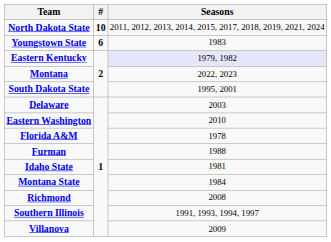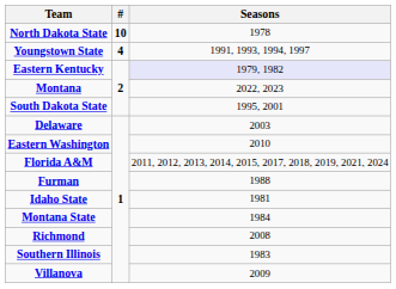 <table class="wikitable" style="text-align:center;">
 <tr>
 <th width=px>Team</th>
 <th width=px>#</th>
 <th width=px>Seasons</th>
 </tr>
 <tr>
 <td><strong><a href='#'>North Dakota State</a></strong></td>
 <td><strong>10</strong></td>
-<td style="font-size:90%;">2011, 2012, 2013, 2014, 2015, 2017, 2018, 2019, 2021, 2024</td>
+<td style="font-size:90%;">1978</td>
 </tr>
 <tr>
 <td><strong><a href='#'>Youngstown State</a></strong></td>
-<td><strong>6</strong></td>
-<td style="font-size:90%;">1983</td>
+<td><strong>4</strong></td>
+<td style="font-size:90%;">1991, 1993, 1994, 1997</td>
 </tr>
 <tr>
 <td><strong><a href='#'>Eastern Kentucky</a></strong></td>
 <td rowspan=3><strong>2</strong></td>
 <td style="background: lavender; font-size:90%;">1979, 1982</td>
 </tr>
 <tr>
 <td><strong><a href='#'>Montana</a></strong></td>
 <td style="font-size:90%;">2022, 2023</td>
 </tr>
 <tr>
 <td><strong><a href='#'>South Dakota State</a></strong></td>
 <td style="font-size:90%;">1995, 2001</td>
 </tr>
 <tr>
 <td><strong><a href='#'>Delaware</a></strong></td>
 <td rowspan=9><strong>1</strong></td>
 <td style="font-size:90%;">2003</td>
 </tr>
 <tr>
 <td><strong><a href='#'>Eastern Washington</a></strong></td>
 <td style="font-size:90%;">2010</td>
 </tr>
 <tr>
 <td><strong><a href='#'>Florida A&M</a></strong></td>
-<td style="font-size:90%;">1978</td>
+<td style="font-size:90%;">2011, 2012, 2013, 2014, 2015, 2017, 2018, 2019, 2021, 2024</td>
 </tr>
 <tr>
 <td><strong><a href='#'>Furman</a></strong></td>
 <td style="font-size:90%;">1988</td>
 </tr>
 <tr>
 <td><strong><a href='#'>Idaho State</a></strong></td>
 <td style="font-size:90%;">1981</td>
 </tr>
 <tr>
 <td><strong><a href='#'>Montana State</a></strong></td>
 <td style="font-size:90%;">1984</td>
 </tr>
 <tr>
 <td><strong><a href='#'>Richmond</a></strong></td>
 <td style="font-size:90%;">2008</td>
 </tr>
 <tr>
 <td><strong><a href='#'>Southern Illinois</a></strong></td>
-<td style="font-size:90%;">1991, 1993, 1994, 1997</td>
+<td style="font-size:90%;">1983</td>
 </tr>
 <tr>
 <td><strong><a href='#'>Villanova</a></strong></td>
 <td style="font-size:90%;">2009</td>
 </tr>
 </table>
